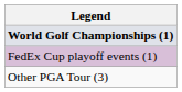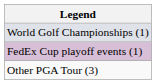 <table class="wikitable" style="font-size:95%;">
 <tr>
 <th>Legend</th>
 </tr>
 <tr style="background:#dfe2e9;">
-<td><strong>World Golf Championships (1)</strong></td>
+<td>World Golf Championships (1)</td>
 </tr>
 <tr style="background:#D8BFD8;">
 <td>FedEx Cup playoff events (1)</td>
 </tr>
 <tr>
 <td>Other PGA Tour (3)</td>
 </tr>
 </table>
